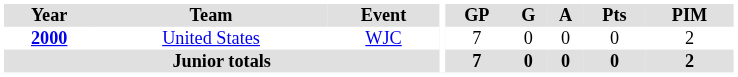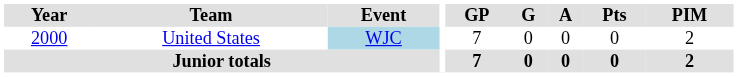 <table border="0" cellpadding="1" cellspacing="0" ID="Table3" style="text-align:center; width:40em">
 <tr ALIGN="center" bgcolor="#e0e0e0">
 <th>Year</th>
 <th>Team</th>
 <th>Event</th>
 <th rowspan="99" bgcolor="#ffffff"></th>
 <th>GP</th>
 <th>G</th>
 <th>A</th>
 <th>Pts</th>
 <th>PIM</th>
 </tr>
 <tr>
-<td><strong><a href='#'>2000</a></strong></td>
+<td><a href='#'>2000</a></td>
 <td><a href='#'>United States</a></td>
-<td><a href='#'>WJC</a></td>
+<td style="background: lightblue;"><a href='#'>WJC</a></td>
 <td>7</td>
 <td>0</td>
 <td>0</td>
 <td>0</td>
 <td>2</td>
 </tr>
 <tr bgcolor="#e0e0e0">
 <th colspan="3">Junior totals</th>
 <th>7</th>
 <th>0</th>
 <th>0</th>
 <th>0</th>
 <th>2</th>
 </tr>
 </table>
